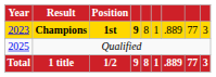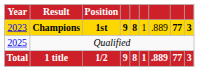 <table class="wikitable" style="text-align:center">
 <tr>
 <th style="color:white; background:#CE2028;">Year</th>
 <th style="color:white; background:#CE2028;">Result</th>
 <th style="color:white; background:#CE2028;">Position</th>
 <th style="color:white; background:#CE2028;"></th>
 <th style="color:white; background:#CE2028;"></th>
 <th style="color:white; background:#CE2028;"></th>
 <th style="color:white; background:#CE2028;"></th>
 <th style="color:white; background:#CE2028;"></th>
 <th style="color:white; background:#CE2028;"></th>
 </tr>
 <tr style="background:gold;">
 <td> <a href='#'>2023</a></td>
 <td><strong>Champions</strong></td>
 <td><strong>1st</strong></td>
 <td><strong>9</strong></td>
-<td>8</td>
+<td><strong>8</strong></td>
 <td>1</td>
 <td>.889</td>
-<td>77</td>
-<td>3</td>
+<td><strong>77</strong></td>
+<td><strong>3</strong></td>
 </tr>
 <tr>
 <td> <a href='#'>2025</a></td>
 <td colspan="8"><em>Qualified</em></td>
 </tr>
 <tr>
 <th style="color:white; background:#CE2028;">Total</th>
 <th style="color:white; background:#CE2028;">1 title</th>
 <th style="color:white; background:#CE2028;">1/2</th>
 <th style="color:white; background:#CE2028;">9</th>
 <th style="color:white; background:#CE2028;">8</th>
 <th style="color:white; background:#CE2028;">1</th>
 <th style="color:white; background:#CE2028;">.889</th>
 <th style="color:white; background:#CE2028;">77</th>
 <th style="color:white; background:#CE2028;">3</th>
 </tr>
 </table>
